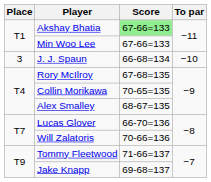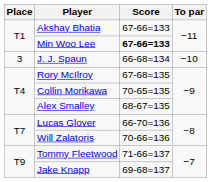 <table class="wikitable">
 <tr>
 <th>Place</th>
 <th>Player</th>
 <th>Score</th>
 <th>To par</th>
 </tr>
 <tr>
 <td rowspan=2 align=center>T1</td>
 <td> <a href='#'>Akshay Bhatia</a></td>
-<td style="background: lightgreen;">67-66=133</td>
+<td>67-66=133</td>
 <td rowspan=2 align=center>−11</td>
 </tr>
 <tr>
 <td> <a href='#'>Min Woo Lee</a></td>
-<td>67-66=133</td>
+<td><strong>67-66=133</strong></td>
 </tr>
 <tr>
 <td align=center>3</td>
 <td> <a href='#'>J. J. Spaun</a></td>
 <td>66-68=134</td>
 <td align=center>−10</td>
 </tr>
 <tr>
 <td rowspan=3 align=center>T4</td>
 <td> <a href='#'>Rory McIlroy</a></td>
 <td>67-68=135</td>
 <td rowspan=3 align=center>−9</td>
 </tr>
 <tr>
 <td> <a href='#'>Collin Morikawa</a></td>
 <td>70-65=135</td>
 </tr>
 <tr>
 <td> <a href='#'>Alex Smalley</a></td>
 <td>68-67=135</td>
 </tr>
 <tr>
 <td rowspan=2 align=center>T7</td>
 <td> <a href='#'>Lucas Glover</a></td>
 <td>66-70=136</td>
 <td rowspan=2 align=center>−8</td>
 </tr>
 <tr>
 <td> <a href='#'>Will Zalatoris</a></td>
 <td>70-66=136</td>
 </tr>
 <tr>
 <td rowspan=2 align=center>T9</td>
 <td> <a href='#'>Tommy Fleetwood</a></td>
 <td>71-66=137</td>
 <td rowspan=2 align=center>−7</td>
 </tr>
 <tr>
 <td> <a href='#'>Jake Knapp</a></td>
 <td>69-68=137</td>
 </tr>
 </table>
